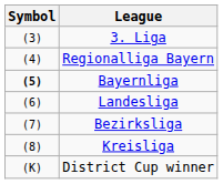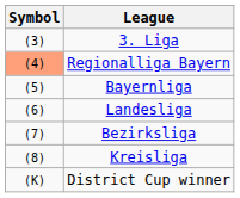 <table class="wikitable" style="text-align: center">
 <tr>
 <th>Symbol</th>
 <th>League</th>
 </tr>
 <tr>
 <td><small>(3)</small></td>
 <td><a href='#'>3. Liga</a></td>
 </tr>
 <tr>
-<td><small>(4)</small></td>
+<td style="background: lightsalmon;"><small>(4)</small></td>
 <td><a href='#'>Regionalliga Bayern</a></td>
 </tr>
 <tr>
-<td><strong><small>(5)</small></strong></td>
+<td><small>(5)</small></td>
 <td><a href='#'>Bayernliga</a></td>
 </tr>
 <tr>
 <td><small>(6)</small></td>
 <td><a href='#'>Landesliga</a></td>
 </tr>
 <tr>
 <td><small>(7)</small></td>
 <td><a href='#'>Bezirksliga</a></td>
 </tr>
 <tr>
 <td><small>(8)</small></td>
 <td><a href='#'>Kreisliga</a></td>
 </tr>
 <tr>
 <td><small>(K)</small></td>
 <td>District Cup winner</td>
 </tr>
 </table>
